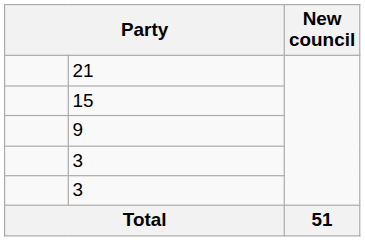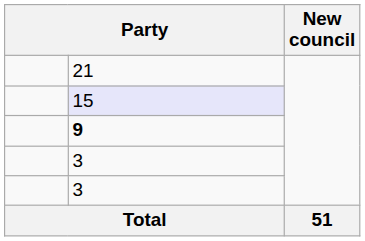 <table class="wikitable">
 <tr>
 <th valign=centre colspan="2" style="width: 230px">Party</th>
 <th valign=top style="width: 30px">New council</th>
 </tr>
 <tr>
 <td></td>
 <td>21</td>
 </tr>
 <tr>
 <td></td>
-<td>15</td>
+<td style="background: lavender;">15</td>
 </tr>
 <tr>
 <td></td>
-<td>9</td>
+<td><strong>9</strong></td>
 </tr>
 <tr>
 <td></td>
 <td>3</td>
 </tr>
 <tr>
 <td></td>
 <td>3</td>
 </tr>
 <tr>
 <th colspan=2>Total</th>
 <th colspan=3>51</th>
 </tr>
 </table>
